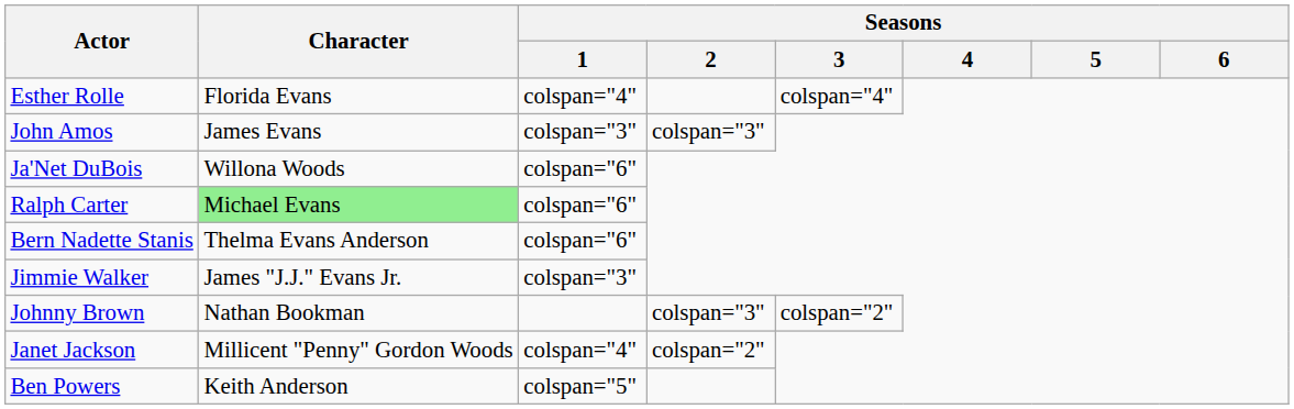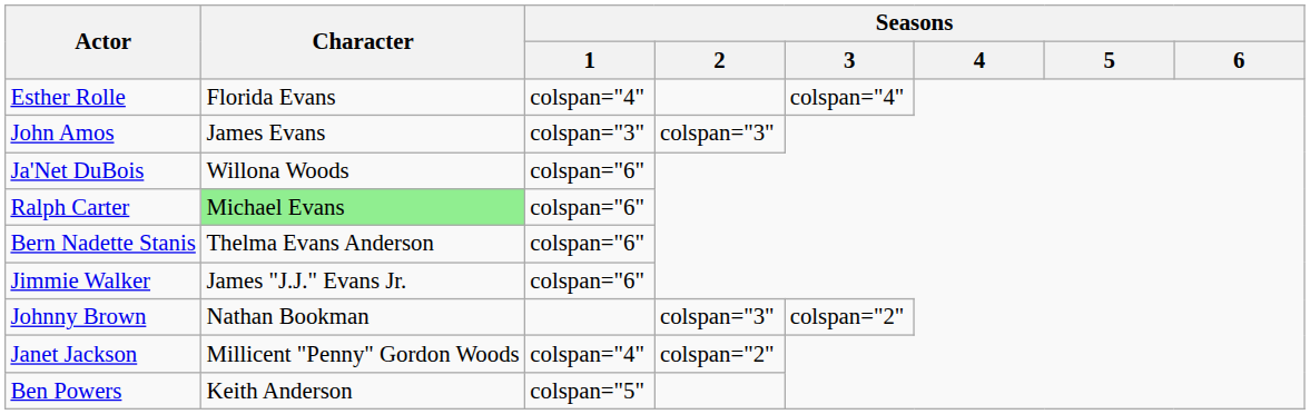 <table class="wikitable">
 <tr>
 <th rowspan="2">Actor</th>
 <th rowspan="2">Character</th>
 <th colspan="6">Seasons</th>
 </tr>
 <tr>
 <th width="10%">1</th>
 <th width="10%">2</th>
 <th width="10%">3</th>
 <th width="10%">4</th>
 <th width="10%">5</th>
 <th width="10%">6</th>
 </tr>
 <tr>
 <td><a href='#'>Esther Rolle</a></td>
 <td>Florida Evans</td>
 <td>colspan="4" </td>
 <td></td>
 <td>colspan="4" </td>
 </tr>
 <tr>
 <td><a href='#'>John Amos</a></td>
 <td>James Evans</td>
 <td>colspan="3" </td>
 <td>colspan="3" </td>
 </tr>
 <tr>
 <td><a href='#'>Ja'Net DuBois</a></td>
 <td>Willona Woods</td>
 <td>colspan="6" </td>
 </tr>
 <tr>
 <td><a href='#'>Ralph Carter</a></td>
 <td style="background: lightgreen;">Michael Evans</td>
 <td>colspan="6" </td>
 </tr>
 <tr>
 <td><a href='#'>Bern Nadette Stanis</a></td>
 <td>Thelma Evans Anderson</td>
 <td>colspan="6" </td>
 </tr>
 <tr>
 <td><a href='#'>Jimmie Walker</a></td>
 <td>James "J.J." Evans Jr.</td>
-<td>colspan="3" </td>
+<td>colspan="6" </td>
 </tr>
 <tr>
 <td><a href='#'>Johnny Brown</a></td>
 <td>Nathan Bookman</td>
 <td></td>
 <td>colspan="3" </td>
 <td>colspan="2" </td>
 </tr>
 <tr>
 <td><a href='#'>Janet Jackson</a></td>
 <td>Millicent "Penny" Gordon Woods</td>
 <td>colspan="4" </td>
 <td>colspan="2" </td>
 </tr>
 <tr>
 <td><a href='#'>Ben Powers</a></td>
 <td>Keith Anderson</td>
 <td>colspan="5" </td>
 <td></td>
 </tr>
 </table>
